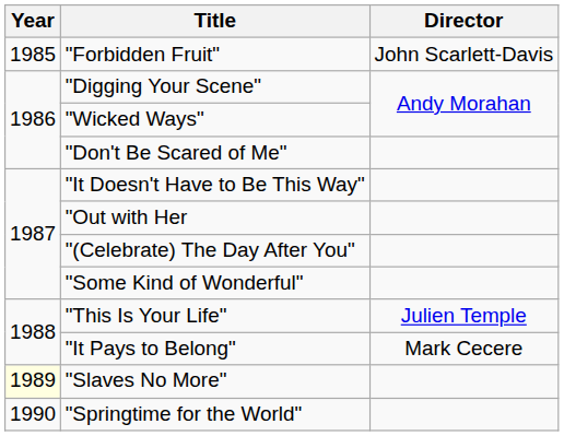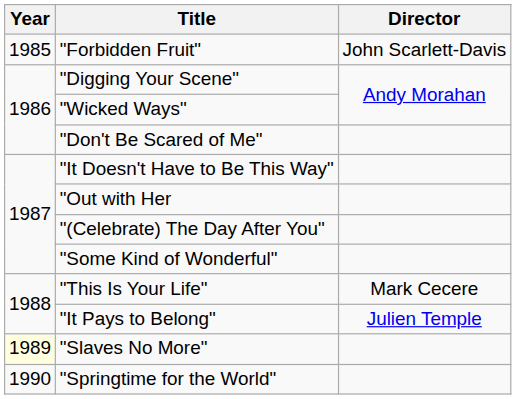 <table class="wikitable" style="text-align:center">
 <tr>
 <th>Year</th>
 <th>Title</th>
 <th>Director</th>
 </tr>
 <tr>
 <td>1985</td>
 <td align="left">"Forbidden Fruit"</td>
 <td>John Scarlett-Davis</td>
 </tr>
 <tr>
 <td rowspan="3">1986</td>
 <td align="left">"Digging Your Scene"</td>
 <td rowspan="2"><a href='#'>Andy Morahan</a></td>
 </tr>
 <tr>
 <td align="left">"Wicked Ways"</td>
 </tr>
 <tr>
 <td align="left">"Don't Be Scared of Me"</td>
 <td></td>
 </tr>
 <tr>
 <td rowspan="4">1987</td>
 <td align="left">"It Doesn't Have to Be This Way"</td>
 <td></td>
 </tr>
 <tr>
 <td align="left">"Out with Her</td>
 <td></td>
 </tr>
 <tr>
 <td align="left">"(Celebrate) The Day After You"</td>
 <td></td>
 </tr>
 <tr>
 <td align="left">"Some Kind of Wonderful"</td>
 <td></td>
 </tr>
 <tr>
 <td rowspan="2">1988</td>
 <td align="left">"This Is Your Life"</td>
-<td><a href='#'>Julien Temple</a></td>
+<td>Mark Cecere</td>
 </tr>
 <tr>
 <td align="left">"It Pays to Belong"</td>
-<td>Mark Cecere</td>
+<td><a href='#'>Julien Temple</a></td>
 </tr>
 <tr>
 <td style="background: lightyellow;">1989</td>
 <td align="left">"Slaves No More"</td>
 <td></td>
 </tr>
 <tr>
 <td>1990</td>
 <td align="left">"Springtime for the World"</td>
 <td></td>
 </tr>
 </table>
